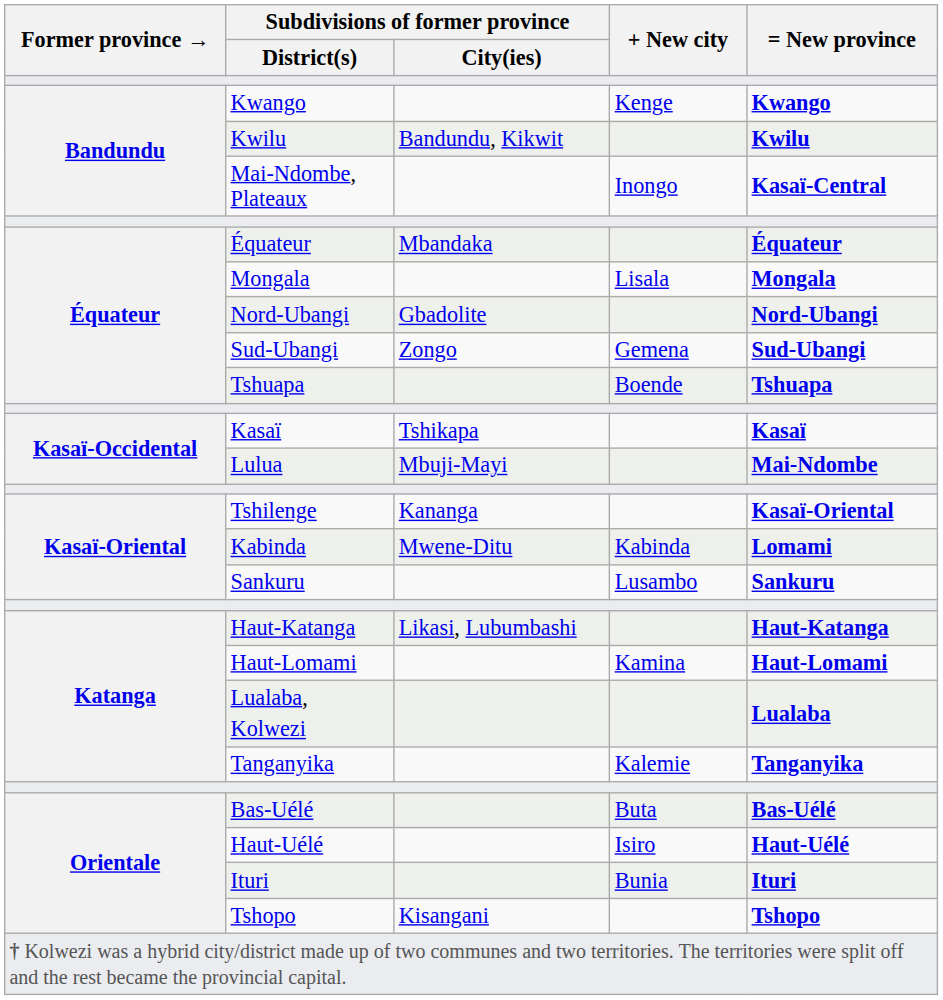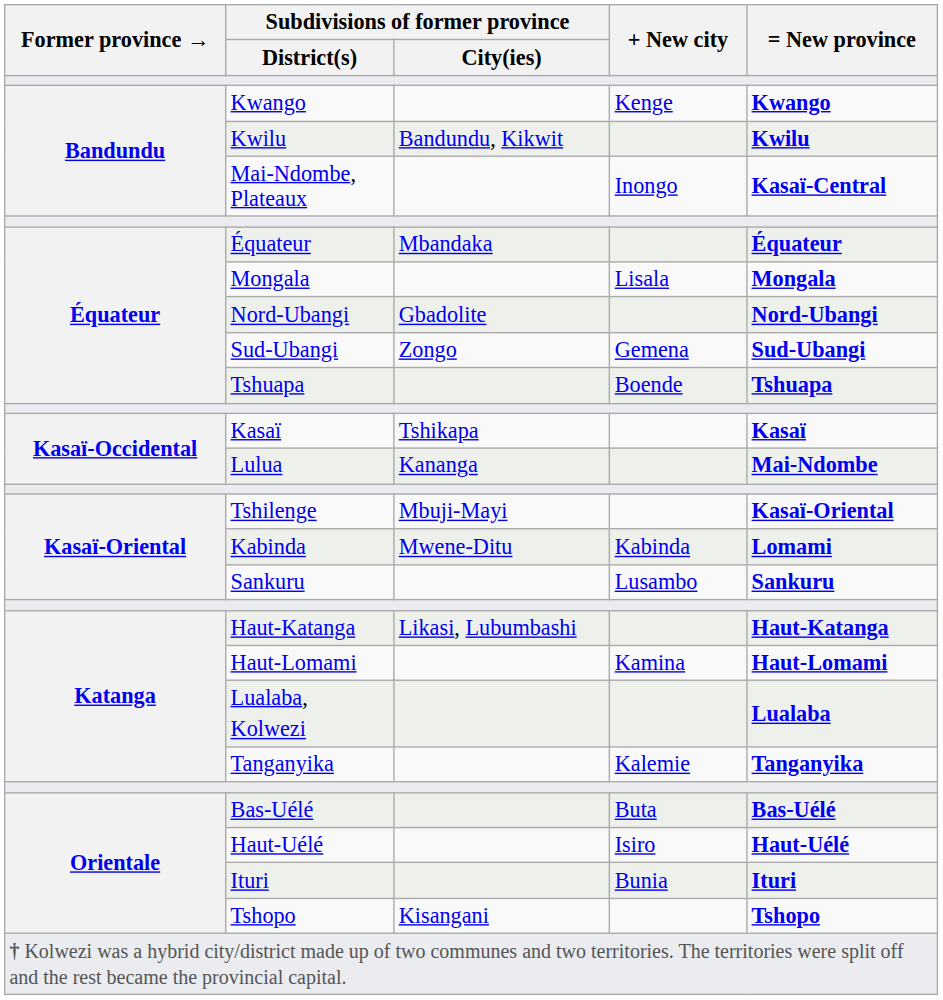 <table class="wikitable" style="max-width:42em">
 <tr>
 <th rowspan="2">Former province →</th>
 <th colspan="2">Subdivisions of former province</th>
 <th rowspan="2">+ New city</th>
 <th rowspan="2">= New province</th>
 </tr>
 <tr>
 <th>District(s)</th>
 <th>City(ies)</th>
 </tr>
 <tr>
 <td style="background:#EAECF0;" colspan="5"></td>
 </tr>
 <tr>
 <th rowspan="3"><a href='#'>Bandundu</a></th>
 <td><a href='#'>Kwango</a></td>
 <td></td>
 <td><a href='#'>Kenge</a></td>
 <td><strong><a href='#'>Kwango</a></strong></td>
 </tr>
 <tr style="background:#EDF0EB;">
 <td><a href='#'>Kwilu</a></td>
 <td><a href='#'>Bandundu</a>, <a href='#'>Kikwit</a></td>
 <td></td>
 <td><strong><a href='#'>Kwilu</a></strong></td>
 </tr>
 <tr>
 <td><a href='#'>Mai-Ndombe</a>,<br><a href='#'> Plateaux</a></td>
 <td></td>
 <td><a href='#'>Inongo</a></td>
 <td><strong><a href='#'>Kasaï-Central</a></strong></td>
 </tr>
 <tr>
 <td style="background:#EAECF0;" colspan="5"></td>
 </tr>
 <tr style="background:#EDF0EB;">
 <th rowspan="5"><a href='#'>Équateur</a></th>
 <td><a href='#'>Équateur</a></td>
 <td><a href='#'>Mbandaka</a></td>
 <td></td>
 <td><strong><a href='#'>Équateur</a></strong></td>
 </tr>
 <tr>
 <td><a href='#'>Mongala</a></td>
 <td></td>
 <td><a href='#'>Lisala</a></td>
 <td><strong><a href='#'>Mongala</a></strong></td>
 </tr>
 <tr style="background:#EDF0EB;">
 <td><a href='#'>Nord-Ubangi</a></td>
 <td><a href='#'>Gbadolite</a></td>
 <td></td>
 <td><strong><a href='#'>Nord-Ubangi</a></strong></td>
 </tr>
 <tr>
 <td><a href='#'>Sud-Ubangi</a></td>
 <td><a href='#'>Zongo</a></td>
 <td><a href='#'>Gemena</a></td>
 <td><strong><a href='#'>Sud-Ubangi</a></strong></td>
 </tr>
 <tr style="background:#EDF0EB;">
 <td><a href='#'>Tshuapa</a></td>
 <td></td>
 <td><a href='#'>Boende</a></td>
 <td><strong><a href='#'>Tshuapa</a></strong></td>
 </tr>
 <tr>
 <td style="background:#EAECF0;" colspan="5"></td>
 </tr>
 <tr>
 <th rowspan="2"><a href='#'>Kasaï-Occidental</a></th>
 <td><a href='#'>Kasaï</a></td>
 <td><a href='#'>Tshikapa</a></td>
 <td></td>
 <td><strong><a href='#'>Kasaï</a></strong></td>
 </tr>
 <tr style="background:#EDF0EB;">
 <td><a href='#'>Lulua</a></td>
-<td><a href='#'>Mbuji-Mayi</a></td>
+<td><a href='#'>Kananga</a></td>
 <td></td>
 <td><strong><a href='#'>Mai-Ndombe</a></strong></td>
 </tr>
 <tr>
 <td style="background:#EAECF0;" colspan="5"></td>
 </tr>
 <tr>
 <th rowspan="3"><a href='#'>Kasaï-Oriental</a></th>
 <td><a href='#'>Tshilenge</a></td>
-<td><a href='#'>Kananga</a></td>
+<td><a href='#'>Mbuji-Mayi</a></td>
 <td></td>
 <td><strong><a href='#'>Kasaï-Oriental</a></strong></td>
 </tr>
 <tr style="background:#EDF0EB;">
 <td><a href='#'>Kabinda</a></td>
 <td><a href='#'>Mwene-Ditu</a></td>
 <td><a href='#'>Kabinda</a></td>
 <td><strong><a href='#'>Lomami</a></strong></td>
 </tr>
 <tr>
 <td><a href='#'>Sankuru</a></td>
 <td></td>
 <td><a href='#'>Lusambo</a></td>
 <td><strong><a href='#'>Sankuru</a></strong></td>
 </tr>
 <tr>
 <td style="background:#EAECF0;" colspan="5"></td>
 </tr>
 <tr style="background:#EDF0EB;">
 <th rowspan="4"><a href='#'>Katanga</a></th>
 <td><a href='#'>Haut-Katanga</a></td>
 <td><a href='#'>Likasi</a>, <a href='#'>Lubumbashi</a></td>
 <td></td>
 <td><strong><a href='#'>Haut-Katanga</a></strong></td>
 </tr>
 <tr>
 <td><a href='#'>Haut-Lomami</a></td>
 <td></td>
 <td><a href='#'>Kamina</a></td>
 <td><strong><a href='#'>Haut-Lomami</a></strong></td>
 </tr>
 <tr style="background:#EDF0EB;">
 <td><a href='#'>Lualaba</a>,<br><a href='#'>Kolwezi</a><sup></sup></td>
 <td></td>
 <td></td>
 <td><strong><a href='#'>Lualaba</a></strong></td>
 </tr>
 <tr>
 <td><a href='#'>Tanganyika</a></td>
 <td></td>
 <td><a href='#'>Kalemie</a></td>
 <td><strong><a href='#'>Tanganyika</a></strong></td>
 </tr>
 <tr>
 <td style="background:#EAECF0;" colspan="5"></td>
 </tr>
 <tr style="background:#EDF0EB;">
 <th rowspan="4"><a href='#'>Orientale</a></th>
 <td><a href='#'>Bas-Uélé</a></td>
 <td></td>
 <td><a href='#'>Buta</a></td>
 <td><strong><a href='#'>Bas-Uélé</a></strong></td>
 </tr>
 <tr>
 <td><a href='#'>Haut-Uélé</a></td>
 <td></td>
 <td><a href='#'>Isiro</a></td>
 <td><strong><a href='#'>Haut-Uélé</a></strong></td>
 </tr>
 <tr style="background:#EDF0EB;">
 <td><a href='#'>Ituri</a></td>
 <td></td>
 <td><a href='#'>Bunia</a></td>
 <td><strong><a href='#'>Ituri</a></strong></td>
 </tr>
 <tr>
 <td><a href='#'>Tshopo</a></td>
 <td><a href='#'>Kisangani</a></td>
 <td></td>
 <td><strong><a href='#'>Tshopo</a></strong></td>
 </tr>
 <tr>
 <td colspan="5" style="background:#EAECF0; font-size:90%; line-height: 1.3em; color: #555555;"><strong>†</strong> Kolwezi was a hybrid city/district made up of two communes and two territories.  The territories were split off and the rest became the provincial capital.</td>
 </tr>
 </table>
